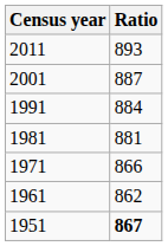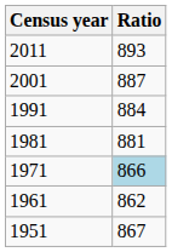 <table class="wikitable sortable">
 <tr>
 <th>Census year</th>
 <th>Ratio</th>
 </tr>
 <tr>
 <td>2011</td>
 <td>893</td>
 </tr>
 <tr>
 <td>2001</td>
 <td>887</td>
 </tr>
 <tr>
 <td>1991</td>
 <td>884</td>
 </tr>
 <tr>
 <td>1981</td>
 <td>881</td>
 </tr>
 <tr>
 <td>1971</td>
-<td>866</td>
+<td style="background: lightblue;">866</td>
 </tr>
 <tr>
 <td>1961</td>
 <td>862</td>
 </tr>
 <tr>
 <td>1951</td>
-<td><strong>867</strong></td>
+<td>867</td>
 </tr>
 </table>
